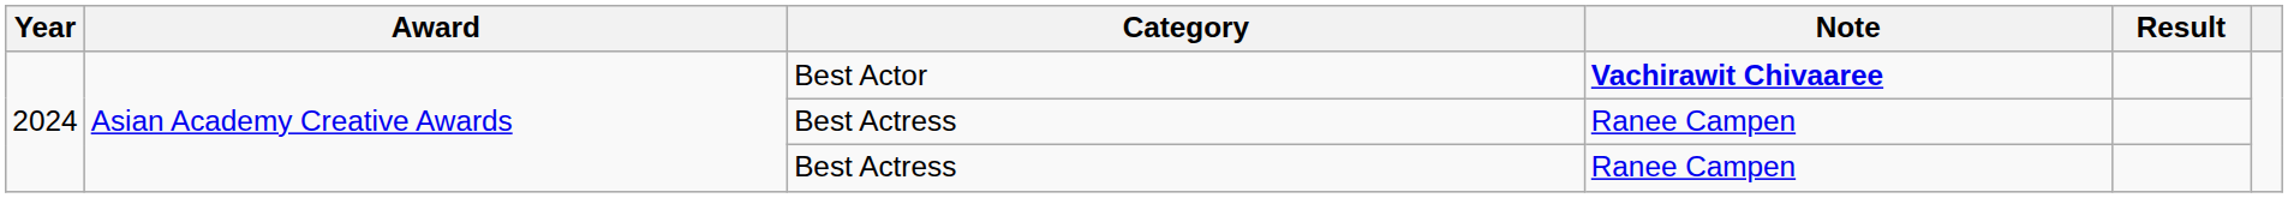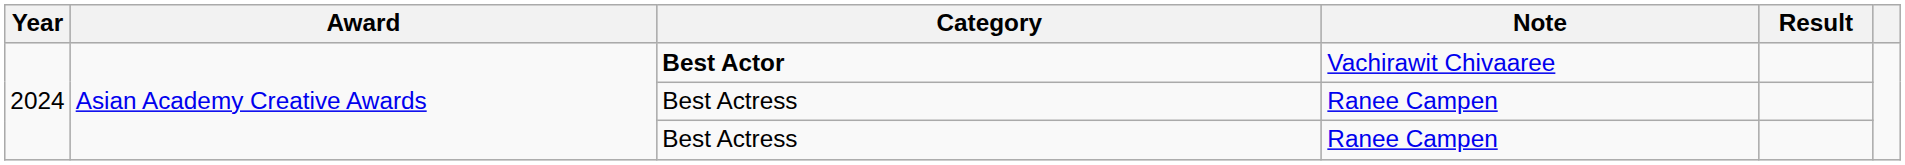 <table class="wikitable">
 <tr>
 <th scope="col" style="width:1em;">Year</th>
 <th scope="col" style="width:35em;">Award</th>
 <th scope="col" style="width:40em;">Category</th>
 <th scope="col" style="width:25em;">Note</th>
 <th scope="col" style="width:5em;">Result</th>
 <th scope="col" style="width:1em;" class="unsortable"></th>
 </tr>
 <tr>
 <td Rowspan=3>2024</td>
 <td Rowspan=3><a href='#'>Asian Academy Creative Awards</a><br></td>
-<td>Best Actor</td>
-<td><strong><a href='#'>Vachirawit Chivaaree</a></strong></td>
+<td><strong>Best Actor</strong></td>
+<td><a href='#'>Vachirawit Chivaaree</a></td>
 <td></td>
 <td Rowspan=3></td>
 </tr>
 <tr>
 <td>Best Actress<br></td>
 <td><a href='#'>Ranee Campen</a></td>
 <td></td>
 </tr>
 <tr>
 <td>Best Actress<br></td>
 <td><a href='#'>Ranee Campen</a></td>
 <td></td>
 </tr>
 </table>
